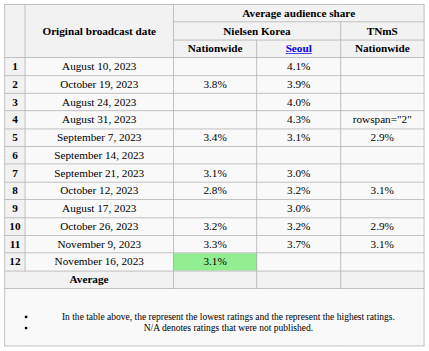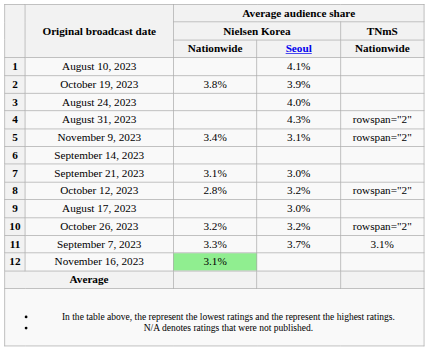 <table class="wikitable" style="margin-left:auto; margin-right:auto; width:600px; text-align:center">
 <tr>
 <th scope="col" rowspan="3"></th>
 <th scope="col" rowspan="3">Original broadcast date</th>
 <th scope="col" colspan="3">Average audience share</th>
 </tr>
 <tr>
 <th scope="col" colspan="2">Nielsen Korea</th>
 <th scope="col">TNmS</th>
 </tr>
 <tr>
 <th scope="col" style="width:7em">Nationwide</th>
 <th scope="col" style="width:7em"><a href='#'>Seoul</a></th>
 <th scope="col" style="width:7em">Nationwide</th>
 </tr>
 <tr>
 <th scope="col">1</th>
 <td>August 10, 2023</td>
 <td><strong></strong> </td>
 <td>4.1% </td>
 <td></td>
 </tr>
 <tr>
 <th scope="col">2</th>
 <td>October 19, 2023</td>
 <td>3.8% </td>
 <td>3.9% </td>
 <td><strong></strong> </td>
 </tr>
 <tr>
 <th scope="col">3</th>
 <td>August 24, 2023</td>
 <td><strong></strong> </td>
 <td>4.0% </td>
 <td></td>
 </tr>
 <tr>
 <th scope="col">4</th>
 <td>August 31, 2023</td>
 <td><strong></strong> </td>
 <td>4.3% </td>
 <td>rowspan="2" </td>
 </tr>
 <tr>
 <th scope="col">5</th>
-<td>September 7, 2023</td>
+<td>November 9, 2023</td>
 <td>3.4% </td>
 <td>3.1% </td>
-<td>2.9% </td>
+<td>rowspan="2" </td>
 </tr>
 <tr>
 <th scope="col">6</th>
 <td>September 14, 2023</td>
 <td><strong></strong> </td>
 <td><strong></strong> </td>
 </tr>
 <tr>
 <th scope="col">7</th>
 <td>September 21, 2023</td>
 <td>3.1% </td>
 <td>3.0% </td>
 <td><strong></strong> </td>
 </tr>
 <tr>
 <th scope="col">8</th>
 <td>October 12, 2023</td>
 <td>2.8% </td>
 <td>3.2% </td>
-<td>3.1% </td>
+<td>rowspan="2" </td>
 </tr>
 <tr>
 <th scope="col">9</th>
 <td>August 17, 2023</td>
 <td><strong></strong> </td>
 <td>3.0% </td>
 </tr>
 <tr>
 <th scope="col">10</th>
 <td>October 26, 2023</td>
 <td>3.2% </td>
 <td>3.2% </td>
-<td>2.9% </td>
+<td>rowspan="2" </td>
 </tr>
 <tr>
 <th scope="col">11</th>
-<td>November 9, 2023</td>
+<td>September 7, 2023</td>
 <td>3.3% </td>
 <td>3.7% </td>
 <td>3.1% </td>
 </tr>
 <tr>
 <th scope="col">12</th>
 <td>November 16, 2023</td>
 <td style="background: lightgreen;">3.1% </td>
 <td><strong></strong> </td>
 </tr>
 <tr>
 <th scope="col" colspan="2">Average</th>
 <th scope="col"></th>
 <th scope="col"></th>
 <th scope="col"></th>
 </tr>
 <tr>
 <td colspan="5" style="font-size:85%"><br><ul><li>In the table above, the <strong></strong> represent the lowest ratings and the <strong></strong> represent the highest ratings.</li><li>N/A denotes ratings that were not published.</li></ul></td>
 </tr>
 </table>
